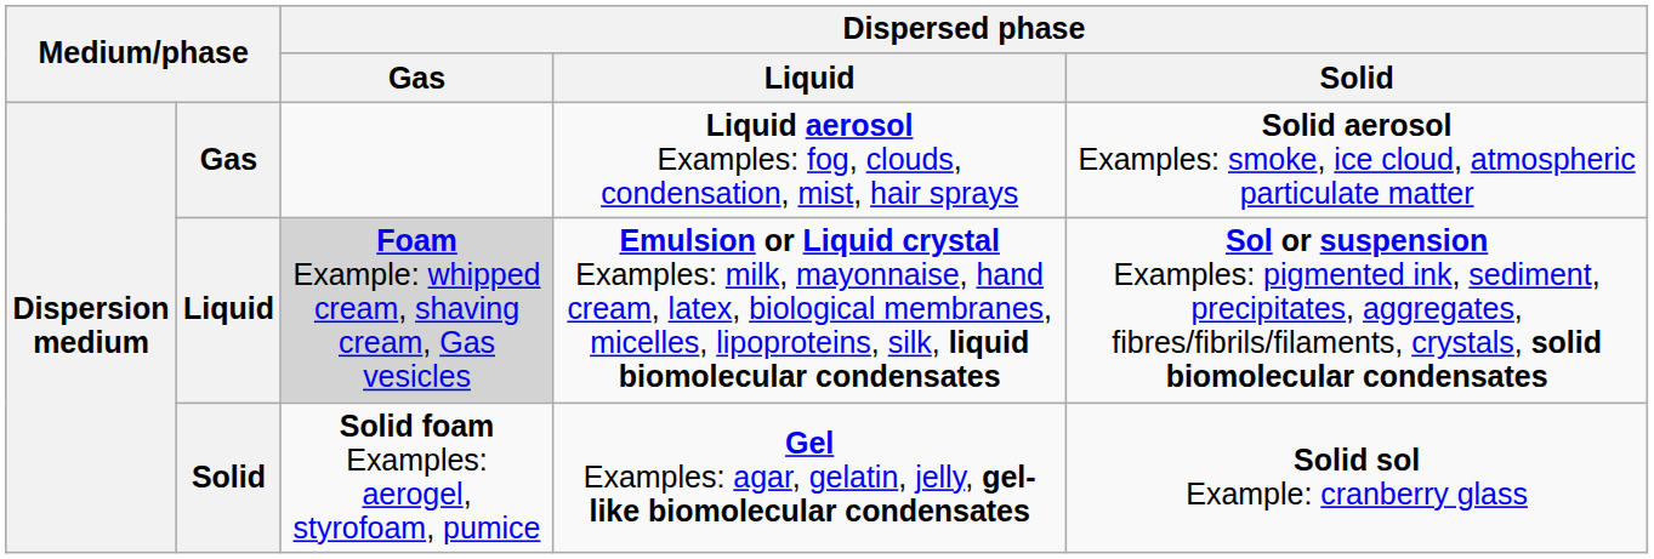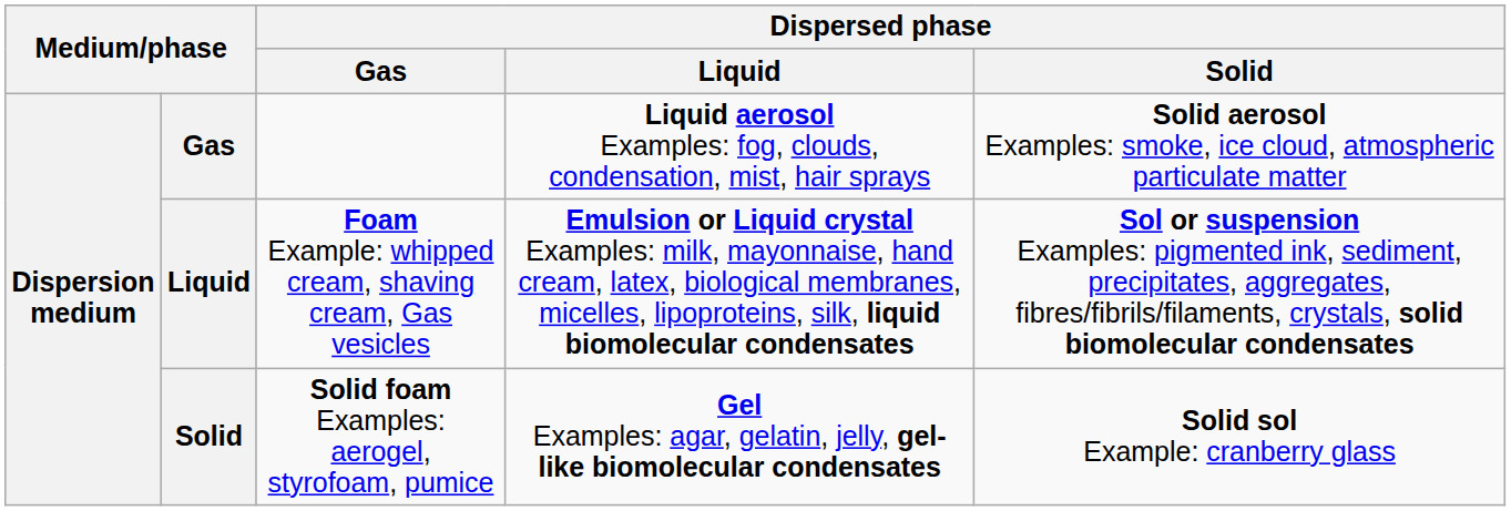 <table class="wikitable" style="text-align:center">
 <tr>
 <th rowspan="2" colspan="2">Medium/phase</th>
 <th colspan="3">Dispersed phase</th>
 </tr>
 <tr>
 <th>Gas</th>
 <th>Liquid</th>
 <th>Solid</th>
 </tr>
 <tr>
 <th rowspan="3">Dispersion <br>medium</th>
 <th>Gas</th>
 <td></td>
 <td><strong>Liquid <a href='#'>aerosol</a></strong><br>Examples: <a href='#'>fog</a>, <a href='#'>clouds</a>, <a href='#'>condensation</a>, <a href='#'>mist</a>, <a href='#'>hair sprays</a></td>
 <td><strong>Solid aerosol</strong><br>Examples: <a href='#'>smoke</a>, <a href='#'>ice cloud</a>, <a href='#'>atmospheric particulate matter</a></td>
 </tr>
 <tr>
 <th>Liquid</th>
-<td style="background: lightgrey;"><strong><a href='#'>Foam</a></strong><br>Example: <a href='#'>whipped cream</a>, <a href='#'>shaving cream</a>, <a href='#'>Gas vesicles</a></td>
+<td><strong><a href='#'>Foam</a></strong><br>Example: <a href='#'>whipped cream</a>, <a href='#'>shaving cream</a>, <a href='#'>Gas vesicles</a></td>
 <td><strong><a href='#'>Emulsion</a> or <a href='#'>Liquid crystal</a></strong><br>Examples: <a href='#'>milk</a>, <a href='#'>mayonnaise</a>, <a href='#'>hand cream</a>, <a href='#'>latex</a>, <a href='#'>biological membranes</a>, <a href='#'>micelles</a>, <a href='#'>lipoproteins</a>, <a href='#'>silk</a>, <strong>liquid biomolecular condensates</strong></td>
 <td><strong><a href='#'>Sol</a> or <a href='#'>suspension</a></strong><br>Examples: <a href='#'>pigmented ink</a>, <a href='#'>sediment</a>, <a href='#'>precipitates</a>, <a href='#'>aggregates</a>, fibres/fibrils/filaments, <a href='#'>crystals</a>, <strong>solid biomolecular condensates</strong></td>
 </tr>
 <tr>
 <th>Solid</th>
 <td><strong>Solid foam</strong><br>Examples: <a href='#'>aerogel</a>, <a href='#'>styrofoam</a>, <a href='#'>pumice</a></td>
 <td><strong><a href='#'>Gel</a></strong><br>Examples: <a href='#'>agar</a>, <a href='#'>gelatin</a>, <a href='#'>jelly</a>, <strong>gel-like biomolecular condensates</strong></td>
 <td><strong>Solid sol</strong><br>Example: <a href='#'>cranberry glass</a></td>
 </tr>
 </table>
